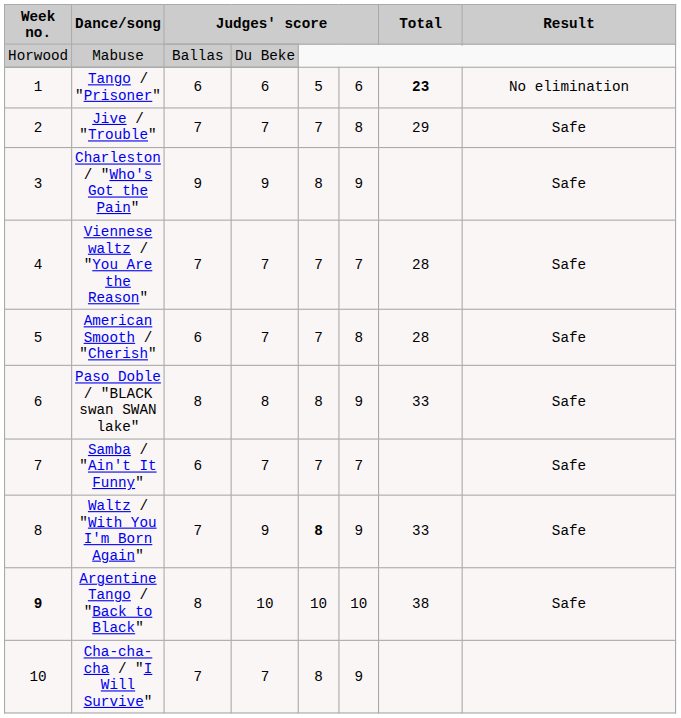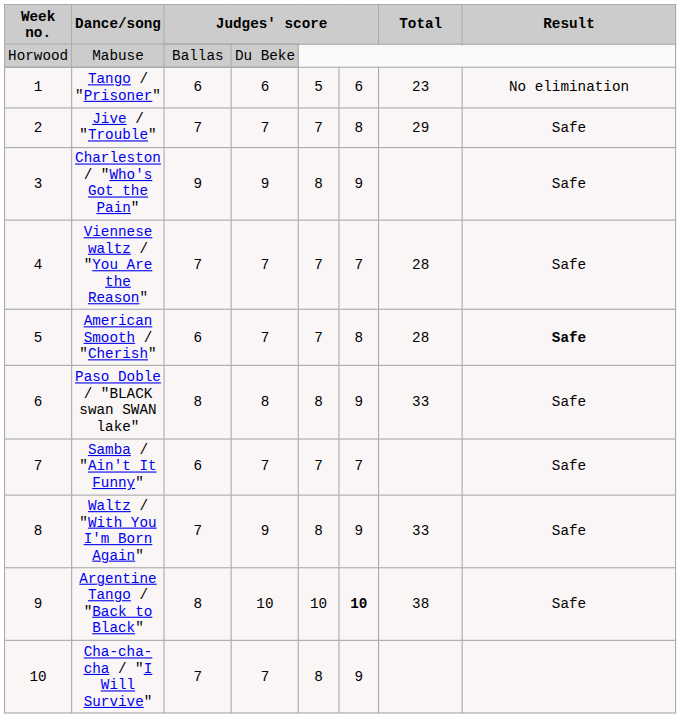 <table class="wikitable">
 <tr>
 <td rowspan="2" style="background:#CCCCCC;" align="Center"><strong>Week no.</strong></td>
 <td rowspan="2" style="background:#CCCCCC;" align="Center"><strong>Dance/song</strong></td>
 <td colspan="4" style="background:#CCCCCC;" align="Center"><strong>Judges' score</strong></td>
 <td rowspan="2" style="background:#CCCCCC;" align="Center"><strong>Total</strong></td>
 <td rowspan="2" style="background:#CCCCCC;" align="Center"><strong>Result</strong></td>
 </tr>
 <tr>
 </tr>
 <tr>
 <td style="background:#CCCCCC;" width="10%" align="center">Horwood</td>
 <td style="background:#CCCCCC;" width="10%" align="center">Mabuse</td>
 <td style="background:#CCCCCC;" width="10%" align="center">Ballas</td>
 <td style="background:#CCCCCC;" width="10%" align="center">Du Beke</td>
 </tr>
 <tr>
 </tr>
 <tr>
 <td style="text-align:center; background:#faf6f6;">1</td>
 <td style="text-align:center; background:#faf6f6;"><a href='#'>Tango</a> / "<a href='#'>Prisoner</a>"</td>
 <td style="text-align:center; background:#faf6f6;">6</td>
 <td style="text-align:center; background:#faf6f6;">6</td>
 <td style="text-align:center; background:#faf6f6;">5</td>
 <td style="text-align:center; background:#faf6f6;">6</td>
-<td style="text-align:center; background:#faf6f6;"><strong>23</strong></td>
+<td style="text-align:center; background:#faf6f6;">23</td>
 <td style="text-align:center; background:#faf6f6;">No elimination</td>
 </tr>
 <tr>
 <td style="text-align:center; background:#faf6f6;">2</td>
 <td style="text-align:center; background:#faf6f6;"><a href='#'>Jive</a> / "<a href='#'>Trouble</a>"</td>
 <td style="text-align:center; background:#faf6f6;">7</td>
 <td style="text-align:center; background:#faf6f6;">7</td>
 <td style="text-align:center; background:#faf6f6;">7</td>
 <td style="text-align:center; background:#faf6f6;">8</td>
 <td style="text-align:center; background:#faf6f6;">29</td>
 <td style="text-align:center; background:#faf6f6;">Safe</td>
 </tr>
 <tr>
 <td style="text-align:center; background:#faf6f6;">3</td>
 <td style="text-align:center; background:#faf6f6;"><a href='#'>Charleston</a> / "<a href='#'>Who's Got the Pain</a>"</td>
 <td style="text-align:center; background:#faf6f6;">9</td>
 <td style="text-align:center; background:#faf6f6;">9</td>
 <td style="text-align:center; background:#faf6f6;">8</td>
 <td style="text-align:center; background:#faf6f6;">9</td>
 <td style="text-align:center; background:#faf6f6;"></td>
 <td style="text-align:center; background:#faf6f6;">Safe</td>
 </tr>
 <tr>
 <td style="text-align:center; background:#faf6f6;">4</td>
 <td style="text-align:center; background:#faf6f6;"><a href='#'>Viennese waltz</a> / "<a href='#'>You Are the Reason</a>"</td>
 <td style="text-align:center; background:#faf6f6;">7</td>
 <td style="text-align:center; background:#faf6f6;">7</td>
 <td style="text-align:center; background:#faf6f6;">7</td>
 <td style="text-align:center; background:#faf6f6;">7</td>
 <td style="text-align:center; background:#faf6f6;">28</td>
 <td style="text-align:center; background:#faf6f6;">Safe</td>
 </tr>
 <tr>
 <td style="text-align:center; background:#faf6f6;">5</td>
 <td style="text-align:center; background:#faf6f6;"><a href='#'>American Smooth</a> / "<a href='#'>Cherish</a>"</td>
 <td style="text-align:center; background:#faf6f6;">6</td>
 <td style="text-align:center; background:#faf6f6;">7</td>
 <td style="text-align:center; background:#faf6f6;">7</td>
 <td style="text-align:center; background:#faf6f6;">8</td>
 <td style="text-align:center; background:#faf6f6;">28</td>
-<td style="text-align:center; background:#faf6f6;">Safe</td>
+<td style="text-align:center; background:#faf6f6;"><strong>Safe</strong></td>
 </tr>
 <tr>
 <td style="text-align:center; background:#faf6f6;">6</td>
 <td style="text-align:center; background:#faf6f6;"><a href='#'>Paso Doble</a> / "BLACK swan SWAN lake"</td>
 <td style="text-align:center; background:#faf6f6;">8</td>
 <td style="text-align:center; background:#faf6f6;">8</td>
 <td style="text-align:center; background:#faf6f6;">8</td>
 <td style="text-align:center; background:#faf6f6;">9</td>
 <td style="text-align:center; background:#faf6f6;">33</td>
 <td style="text-align:center; background:#faf6f6;">Safe</td>
 </tr>
 <tr>
 <td style="text-align:center; background:#faf6f6;">7</td>
 <td style="text-align:center; background:#faf6f6;"><a href='#'>Samba</a> / "<a href='#'>Ain't It Funny</a>"</td>
 <td style="text-align:center; background:#faf6f6;">6</td>
 <td style="text-align:center; background:#faf6f6;">7</td>
 <td style="text-align:center; background:#faf6f6;">7</td>
 <td style="text-align:center; background:#faf6f6;">7</td>
 <td style="text-align:center; background:#faf6f6;"></td>
 <td style="text-align:center; background:#faf6f6;">Safe</td>
 </tr>
 <tr>
 <td style="text-align:center; background:#faf6f6;">8</td>
 <td style="text-align:center; background:#faf6f6;"><a href='#'>Waltz</a> / "<a href='#'>With You I'm Born Again</a>"</td>
 <td style="text-align:center; background:#faf6f6;">7</td>
 <td style="text-align:center; background:#faf6f6;">9</td>
-<td style="text-align:center; background:#faf6f6;"><strong>8</strong></td>
+<td style="text-align:center; background:#faf6f6;">8</td>
 <td style="text-align:center; background:#faf6f6;">9</td>
 <td style="text-align:center; background:#faf6f6;">33</td>
 <td style="text-align:center; background:#faf6f6;">Safe</td>
 </tr>
 <tr>
-<td style="text-align:center; background:#faf6f6;"><strong>9</strong></td>
+<td style="text-align:center; background:#faf6f6;">9</td>
 <td style="text-align:center; background:#faf6f6;"><a href='#'>Argentine Tango</a> / "<a href='#'>Back to Black</a>"</td>
 <td style="text-align:center; background:#faf6f6;">8</td>
 <td style="text-align:center; background:#faf6f6;">10</td>
 <td style="text-align:center; background:#faf6f6;">10</td>
-<td style="text-align:center; background:#faf6f6;">10</td>
+<td style="text-align:center; background:#faf6f6;"><strong>10</strong></td>
 <td style="text-align:center; background:#faf6f6;">38</td>
 <td style="text-align:center; background:#faf6f6;">Safe</td>
 </tr>
 <tr>
 <td style="text-align:center; background:#faf6f6;">10</td>
 <td style="text-align:center; background:#faf6f6;"><a href='#'>Cha-cha-cha</a> / "<a href='#'>I Will Survive</a>"</td>
 <td style="text-align:center; background:#faf6f6;">7</td>
 <td style="text-align:center; background:#faf6f6;">7</td>
 <td style="text-align:center; background:#faf6f6;">8</td>
 <td style="text-align:center; background:#faf6f6;">9</td>
 <td style="text-align:center; background:#faf6f6;"></td>
 <td style="text-align:center; background:#faf6f6;"></td>
 </tr>
 </table>
